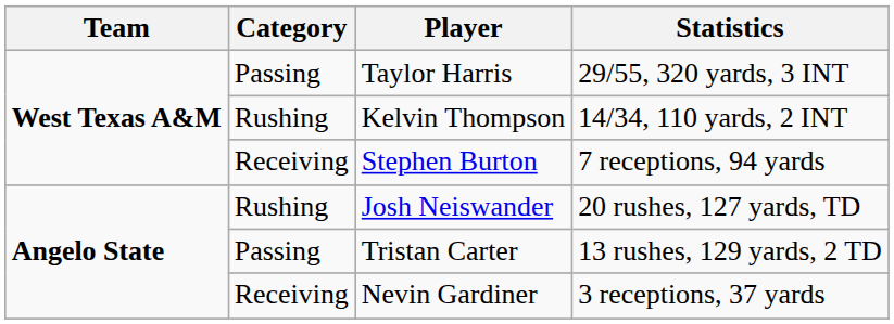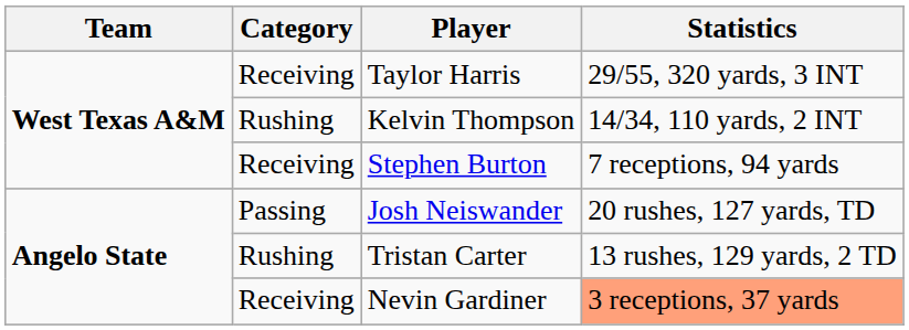 <table class="wikitable" style="float: left;">
 <tr>
 <th>Team</th>
 <th>Category</th>
 <th>Player</th>
 <th>Statistics</th>
 </tr>
 <tr>
 <td rowspan=3><strong>West Texas A&M</strong></td>
-<td>Passing</td>
+<td>Receiving</td>
 <td>Taylor Harris</td>
 <td>29/55, 320 yards, 3 INT</td>
 </tr>
 <tr>
 <td>Rushing</td>
 <td>Kelvin Thompson</td>
 <td>14/34, 110 yards, 2 INT</td>
 </tr>
 <tr>
 <td>Receiving</td>
 <td><a href='#'>Stephen Burton</a></td>
 <td>7 receptions, 94 yards</td>
 </tr>
 <tr>
 <td rowspan=3><strong>Angelo State</strong></td>
-<td>Rushing</td>
+<td>Passing</td>
 <td><a href='#'>Josh Neiswander</a></td>
 <td>20 rushes, 127 yards, TD</td>
 </tr>
 <tr>
-<td>Passing</td>
+<td>Rushing</td>
 <td>Tristan Carter</td>
 <td>13 rushes, 129 yards, 2 TD</td>
 </tr>
 <tr>
 <td>Receiving</td>
 <td>Nevin Gardiner</td>
-<td>3 receptions, 37 yards</td>
+<td style="background: lightsalmon;">3 receptions, 37 yards</td>
 </tr>
 </table>
